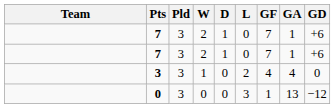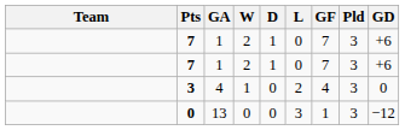 <table class="wikitable" style="text-align:center;">
 <tr>
 <th width=175>Team</th>
 <th width=20 abbr="Points">Pts</th>
-<th width=20 abbr="Played">Pld</th>
+<th width=20 abbr="Goals against">GA</th>
 <th width=20 abbr="Won">W</th>
 <th width=20 abbr="Drawn">D</th>
 <th width=20 abbr="Lost">L</th>
 <th width=20 abbr="Goals for">GF</th>
-<th width=20 abbr="Goals against">GA</th>
+<th width=20 abbr="Played">Pld</th>
 <th width=20 abbr="Goal difference">GD</th>
 </tr>
 <tr>
 <td style="text-align:left;"></td>
 <td><strong>7</strong></td>
-<td>3</td>
+<td>1</td>
 <td>2</td>
 <td>1</td>
 <td>0</td>
 <td>7</td>
-<td>1</td>
+<td>3</td>
 <td>+6</td>
 </tr>
 <tr>
 <td style="text-align:left;"></td>
 <td><strong>7</strong></td>
-<td>3</td>
+<td>1</td>
 <td>2</td>
 <td>1</td>
 <td>0</td>
 <td>7</td>
-<td>1</td>
+<td>3</td>
 <td>+6</td>
 </tr>
 <tr>
 <td style="text-align:left;"></td>
 <td><strong>3</strong></td>
-<td>3</td>
+<td>4</td>
 <td>1</td>
 <td>0</td>
 <td>2</td>
 <td>4</td>
-<td>4</td>
+<td>3</td>
 <td>0</td>
 </tr>
 <tr>
 <td style="text-align:left;"></td>
 <td><strong>0</strong></td>
-<td>3</td>
+<td>13</td>
 <td>0</td>
 <td>0</td>
 <td>3</td>
 <td>1</td>
-<td>13</td>
+<td>3</td>
 <td>−12</td>
 </tr>
 </table>
